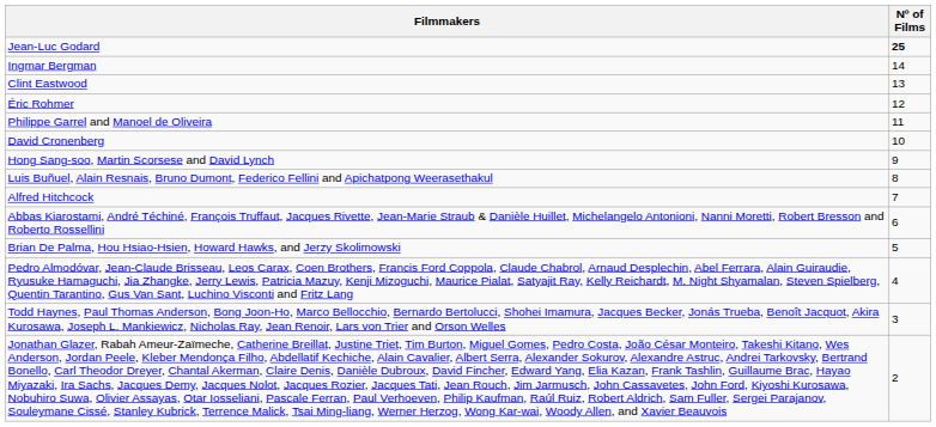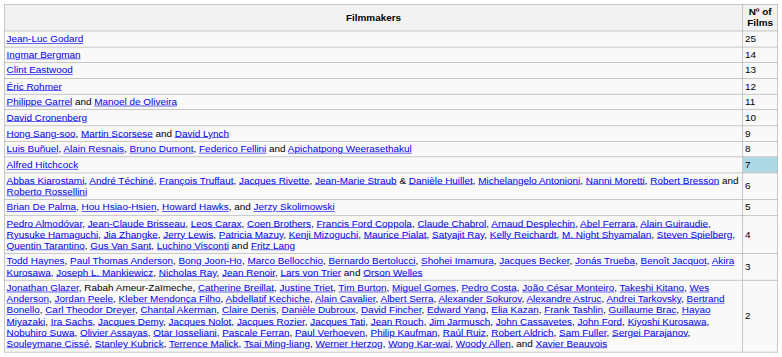 <table class="wikitable">
 <tr>
 <th>Filmmakers</th>
 <th>Nº of Films</th>
 </tr>
 <tr>
 <td><a href='#'>Jean-Luc Godard</a></td>
-<td><strong>25</strong></td>
+<td>25</td>
 </tr>
 <tr>
 <td><a href='#'>Ingmar Bergman</a></td>
 <td>14</td>
 </tr>
 <tr>
 <td><a href='#'>Clint Eastwood</a></td>
 <td>13</td>
 </tr>
 <tr>
 <td><a href='#'>Éric Rohmer</a></td>
 <td>12</td>
 </tr>
 <tr>
 <td><a href='#'>Philippe Garrel</a> and <a href='#'>Manoel de Oliveira</a></td>
 <td>11</td>
 </tr>
 <tr>
 <td><a href='#'>David Cronenberg</a></td>
 <td>10</td>
 </tr>
 <tr>
 <td><a href='#'>Hong Sang-soo</a>, <a href='#'>Martin Scorsese</a> and <a href='#'>David Lynch</a></td>
 <td>9</td>
 </tr>
 <tr>
 <td><a href='#'>Luis Buñuel</a>, <a href='#'>Alain Resnais</a>, <a href='#'>Bruno Dumont</a>, <a href='#'>Federico Fellini</a> and <a href='#'>Apichatpong Weerasethakul</a></td>
 <td>8</td>
 </tr>
 <tr>
 <td><a href='#'>Alfred Hitchcock</a></td>
-<td>7</td>
+<td style="background: lightblue;">7</td>
 </tr>
 <tr>
 <td><a href='#'>Abbas Kiarostami</a>, <a href='#'>André Téchiné</a>, <a href='#'>François Truffaut</a>, <a href='#'>Jacques Rivette</a>, <a href='#'>Jean-Marie Straub</a> & <a href='#'>Danièle Huillet</a>, <a href='#'>Michelangelo Antonioni</a>, <a href='#'>Nanni Moretti</a>, <a href='#'>Robert Bresson</a> and <a href='#'>Roberto Rossellini</a></td>
 <td>6</td>
 </tr>
 <tr>
 <td><a href='#'>Brian De Palma</a>, <a href='#'>Hou Hsiao-Hsien</a>, <a href='#'>Howard Hawks</a>, and <a href='#'>Jerzy Skolimowski</a></td>
 <td>5</td>
 </tr>
 <tr>
 <td><a href='#'>Pedro Almodóvar</a>, <a href='#'>Jean-Claude Brisseau</a>, <a href='#'>Leos Carax</a>, <a href='#'>Coen Brothers</a>, <a href='#'>Francis Ford Coppola</a>, <a href='#'>Claude Chabrol</a>, <a href='#'>Arnaud Desplechin</a>, <a href='#'>Abel Ferrara</a>, <a href='#'>Alain Guiraudie</a>, <a href='#'>Ryusuke Hamaguchi</a>, <a href='#'>Jia Zhangke</a>, <a href='#'>Jerry Lewis</a>, <a href='#'>Patricia Mazuy</a>, <a href='#'>Kenji Mizoguchi</a>, <a href='#'>Maurice Pialat</a>, <a href='#'>Satyajit Ray</a>, <a href='#'>Kelly Reichardt</a>, <a href='#'>M. Night Shyamalan</a>, <a href='#'>Steven Spielberg</a>, <a href='#'>Quentin Tarantino</a>, <a href='#'>Gus Van Sant</a>, <a href='#'>Luchino Visconti</a> and <a href='#'>Fritz Lang</a></td>
 <td>4</td>
 </tr>
 <tr>
 <td><a href='#'>Todd Haynes</a>, <a href='#'>Paul Thomas Anderson</a>, <a href='#'>Bong Joon-Ho</a>, <a href='#'>Marco Bellocchio</a>, <a href='#'>Bernardo Bertolucci</a>, <a href='#'>Shohei Imamura</a>, <a href='#'>Jacques Becker</a>, <a href='#'>Jonás Trueba</a>, <a href='#'>Benoît Jacquot</a>, <a href='#'>Akira Kurosawa</a>, <a href='#'>Joseph L. Mankiewicz</a>, <a href='#'>Nicholas Ray</a>, <a href='#'>Jean Renoir</a>, <a href='#'>Lars von Trier</a> and <a href='#'>Orson Welles</a></td>
 <td>3</td>
 </tr>
 <tr>
 <td><a href='#'>Jonathan Glazer</a>, Rabah Ameur-Zaïmeche, <a href='#'>Catherine Breillat</a>, <a href='#'>Justine Triet</a>, <a href='#'>Tim Burton</a>, <a href='#'>Miguel Gomes</a>, <a href='#'>Pedro Costa</a>, <a href='#'>João César Monteiro</a>, <a href='#'>Takeshi Kitano</a>, <a href='#'>Wes Anderson</a>, <a href='#'>Jordan Peele</a>, <a href='#'>Kleber Mendonça Filho</a>, <a href='#'>Abdellatif Kechiche</a>, <a href='#'>Alain Cavalier</a>, <a href='#'>Albert Serra</a>, <a href='#'>Alexander Sokurov</a>, <a href='#'>Alexandre Astruc</a>, <a href='#'>Andrei Tarkovsky</a>, <a href='#'>Bertrand Bonello</a>, <a href='#'>Carl Theodor Dreyer</a>, <a href='#'>Chantal Akerman</a>, <a href='#'>Claire Denis</a>, <a href='#'>Danièle Dubroux</a>, <a href='#'>David Fincher</a>, <a href='#'>Edward Yang</a>, <a href='#'>Elia Kazan</a>, <a href='#'>Frank Tashlin</a>, <a href='#'>Guillaume Brac</a>, <a href='#'>Hayao Miyazaki</a>, <a href='#'>Ira Sachs</a>, <a href='#'>Jacques Demy</a>, <a href='#'>Jacques Nolot</a>, <a href='#'>Jacques Rozier</a>, <a href='#'>Jacques Tati</a>, <a href='#'>Jean Rouch</a>, <a href='#'>Jim Jarmusch</a>, <a href='#'>John Cassavetes</a>, <a href='#'>John Ford</a>, <a href='#'>Kiyoshi Kurosawa</a>, <a href='#'>Nobuhiro Suwa</a>, <a href='#'>Olivier Assayas</a>, <a href='#'>Otar Iosseliani</a>, <a href='#'>Pascale Ferran</a>, <a href='#'>Paul Verhoeven</a>, <a href='#'>Philip Kaufman</a>, <a href='#'>Raúl Ruiz</a>, <a href='#'>Robert Aldrich</a>, <a href='#'>Sam Fuller</a>, <a href='#'>Sergei Parajanov</a>, <a href='#'>Souleymane Cissé</a>, <a href='#'>Stanley Kubrick</a>, <a href='#'>Terrence Malick</a>, <a href='#'>Tsai Ming-liang</a>, <a href='#'>Werner Herzog</a>, <a href='#'>Wong Kar-wai</a>, <a href='#'>Woody Allen</a>, and <a href='#'>Xavier Beauvois</a></td>
 <td>2</td>
 </tr>
 </table>
